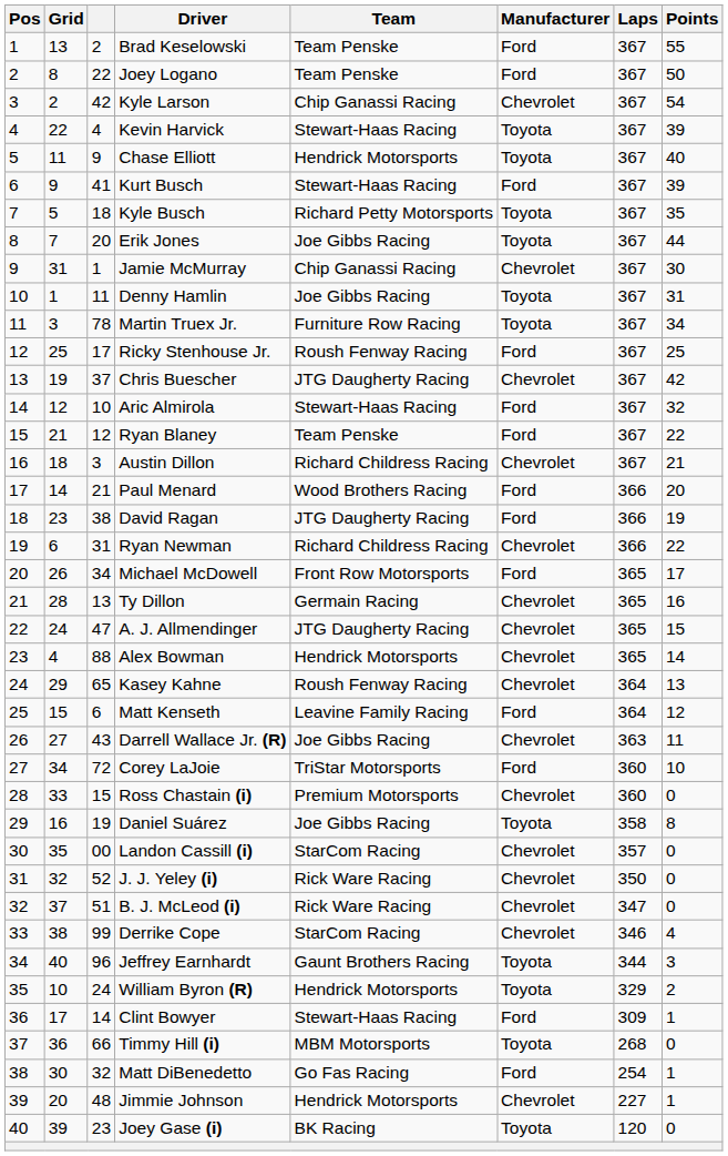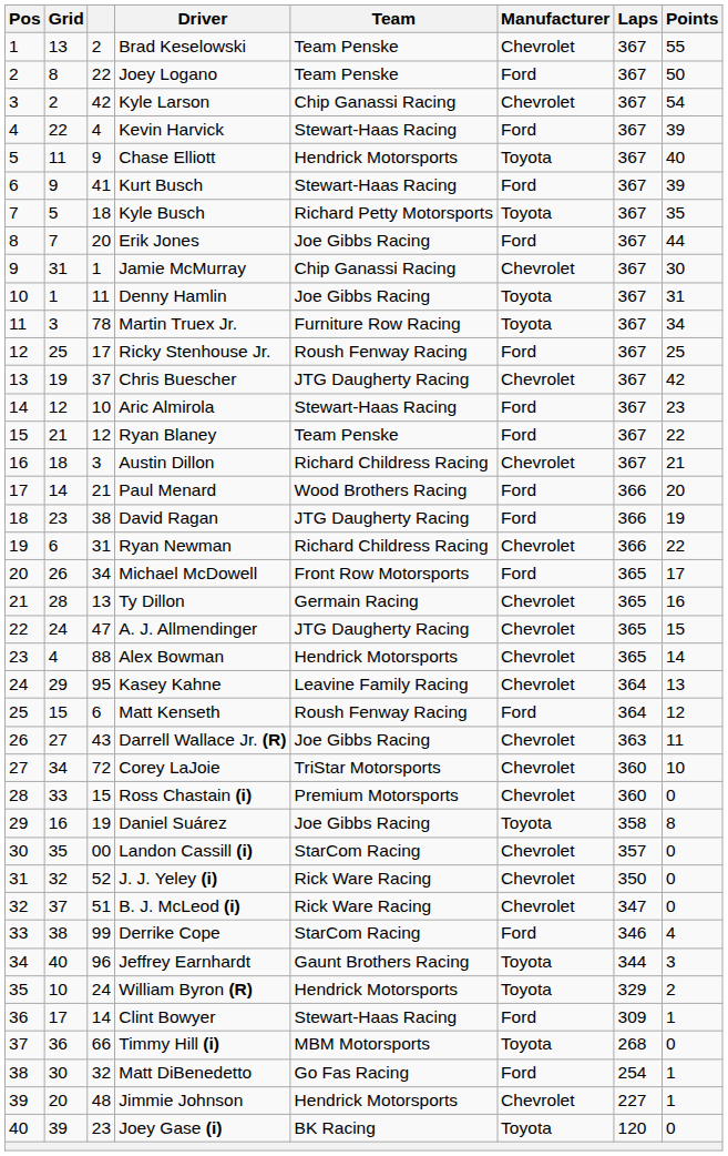 <table class="wikitable" style="font-size:98%">
 <tr>
 <th>Pos</th>
 <th>Grid</th>
 <th></th>
 <th>Driver</th>
 <th>Team</th>
 <th>Manufacturer</th>
 <th>Laps</th>
 <th>Points</th>
 </tr>
 <tr>
 <td>1</td>
 <td>13</td>
 <td>2</td>
 <td>Brad Keselowski</td>
 <td>Team Penske</td>
-<td>Ford</td>
+<td>Chevrolet</td>
 <td>367</td>
 <td>55</td>
 </tr>
 <tr>
 <td>2</td>
 <td>8</td>
 <td>22</td>
 <td>Joey Logano</td>
 <td>Team Penske</td>
 <td>Ford</td>
 <td>367</td>
 <td>50</td>
 </tr>
 <tr>
 <td>3</td>
 <td>2</td>
 <td>42</td>
 <td>Kyle Larson</td>
 <td>Chip Ganassi Racing</td>
 <td>Chevrolet</td>
 <td>367</td>
 <td>54</td>
 </tr>
 <tr>
 <td>4</td>
 <td>22</td>
 <td>4</td>
 <td>Kevin Harvick</td>
 <td>Stewart-Haas Racing</td>
-<td>Toyota</td>
+<td>Ford</td>
 <td>367</td>
 <td>39</td>
 </tr>
 <tr>
 <td>5</td>
 <td>11</td>
 <td>9</td>
 <td>Chase Elliott</td>
 <td>Hendrick Motorsports</td>
 <td>Toyota</td>
 <td>367</td>
 <td>40</td>
 </tr>
 <tr>
 <td>6</td>
 <td>9</td>
 <td>41</td>
 <td>Kurt Busch</td>
 <td>Stewart-Haas Racing</td>
 <td>Ford</td>
 <td>367</td>
 <td>39</td>
 </tr>
 <tr>
 <td>7</td>
 <td>5</td>
 <td>18</td>
 <td>Kyle Busch</td>
 <td>Richard Petty Motorsports</td>
 <td>Toyota</td>
 <td>367</td>
 <td>35</td>
 </tr>
 <tr>
 <td>8</td>
 <td>7</td>
 <td>20</td>
 <td>Erik Jones</td>
 <td>Joe Gibbs Racing</td>
-<td>Toyota</td>
+<td>Ford</td>
 <td>367</td>
 <td>44</td>
 </tr>
 <tr>
 <td>9</td>
 <td>31</td>
 <td>1</td>
 <td>Jamie McMurray</td>
 <td>Chip Ganassi Racing</td>
 <td>Chevrolet</td>
 <td>367</td>
 <td>30</td>
 </tr>
 <tr>
 <td>10</td>
 <td>1</td>
 <td>11</td>
 <td>Denny Hamlin</td>
 <td>Joe Gibbs Racing</td>
 <td>Toyota</td>
 <td>367</td>
 <td>31</td>
 </tr>
 <tr>
 <td>11</td>
 <td>3</td>
 <td>78</td>
 <td>Martin Truex Jr.</td>
 <td>Furniture Row Racing</td>
 <td>Toyota</td>
 <td>367</td>
 <td>34</td>
 </tr>
 <tr>
 <td>12</td>
 <td>25</td>
 <td>17</td>
 <td>Ricky Stenhouse Jr.</td>
 <td>Roush Fenway Racing</td>
 <td>Ford</td>
 <td>367</td>
 <td>25</td>
 </tr>
 <tr>
 <td>13</td>
 <td>19</td>
 <td>37</td>
 <td>Chris Buescher</td>
 <td>JTG Daugherty Racing</td>
 <td>Chevrolet</td>
 <td>367</td>
 <td>42</td>
 </tr>
 <tr>
 <td>14</td>
 <td>12</td>
 <td>10</td>
 <td>Aric Almirola</td>
 <td>Stewart-Haas Racing</td>
 <td>Ford</td>
 <td>367</td>
-<td>32</td>
+<td>23</td>
 </tr>
 <tr>
 <td>15</td>
 <td>21</td>
 <td>12</td>
 <td>Ryan Blaney</td>
 <td>Team Penske</td>
 <td>Ford</td>
 <td>367</td>
 <td>22</td>
 </tr>
 <tr>
 <td>16</td>
 <td>18</td>
 <td>3</td>
 <td>Austin Dillon</td>
 <td>Richard Childress Racing</td>
 <td>Chevrolet</td>
 <td>367</td>
 <td>21</td>
 </tr>
 <tr>
 <td>17</td>
 <td>14</td>
 <td>21</td>
 <td>Paul Menard</td>
 <td>Wood Brothers Racing</td>
 <td>Ford</td>
 <td>366</td>
 <td>20</td>
 </tr>
 <tr>
 <td>18</td>
 <td>23</td>
 <td>38</td>
 <td>David Ragan</td>
 <td>JTG Daugherty Racing</td>
 <td>Ford</td>
 <td>366</td>
 <td>19</td>
 </tr>
 <tr>
 <td>19</td>
 <td>6</td>
 <td>31</td>
 <td>Ryan Newman</td>
 <td>Richard Childress Racing</td>
 <td>Chevrolet</td>
 <td>366</td>
 <td>22</td>
 </tr>
 <tr>
 <td>20</td>
 <td>26</td>
 <td>34</td>
 <td>Michael McDowell</td>
 <td>Front Row Motorsports</td>
 <td>Ford</td>
 <td>365</td>
 <td>17</td>
 </tr>
 <tr>
 <td>21</td>
 <td>28</td>
 <td>13</td>
 <td>Ty Dillon</td>
 <td>Germain Racing</td>
 <td>Chevrolet</td>
 <td>365</td>
 <td>16</td>
 </tr>
 <tr>
 <td>22</td>
 <td>24</td>
 <td>47</td>
 <td>A. J. Allmendinger</td>
 <td>JTG Daugherty Racing</td>
 <td>Chevrolet</td>
 <td>365</td>
 <td>15</td>
 </tr>
 <tr>
 <td>23</td>
 <td>4</td>
 <td>88</td>
 <td>Alex Bowman</td>
 <td>Hendrick Motorsports</td>
 <td>Chevrolet</td>
 <td>365</td>
 <td>14</td>
 </tr>
 <tr>
 <td>24</td>
 <td>29</td>
-<td>65</td>
+<td>95</td>
 <td>Kasey Kahne</td>
-<td>Roush Fenway Racing</td>
+<td>Leavine Family Racing</td>
 <td>Chevrolet</td>
 <td>364</td>
 <td>13</td>
 </tr>
 <tr>
 <td>25</td>
 <td>15</td>
 <td>6</td>
 <td>Matt Kenseth</td>
-<td>Leavine Family Racing</td>
+<td>Roush Fenway Racing</td>
 <td>Ford</td>
 <td>364</td>
 <td>12</td>
 </tr>
 <tr>
 <td>26</td>
 <td>27</td>
 <td>43</td>
 <td>Darrell Wallace Jr. <strong>(R)</strong></td>
 <td>Joe Gibbs Racing</td>
 <td>Chevrolet</td>
 <td>363</td>
 <td>11</td>
 </tr>
 <tr>
 <td>27</td>
 <td>34</td>
 <td>72</td>
 <td>Corey LaJoie</td>
 <td>TriStar Motorsports</td>
-<td>Ford</td>
+<td>Chevrolet</td>
 <td>360</td>
 <td>10</td>
 </tr>
 <tr>
 <td>28</td>
 <td>33</td>
 <td>15</td>
 <td>Ross Chastain <strong>(i)</strong></td>
 <td>Premium Motorsports</td>
 <td>Chevrolet</td>
 <td>360</td>
 <td>0</td>
 </tr>
 <tr>
 <td>29</td>
 <td>16</td>
 <td>19</td>
 <td>Daniel Suárez</td>
 <td>Joe Gibbs Racing</td>
 <td>Toyota</td>
 <td>358</td>
 <td>8</td>
 </tr>
 <tr>
 <td>30</td>
 <td>35</td>
 <td>00</td>
 <td>Landon Cassill <strong>(i)</strong></td>
 <td>StarCom Racing</td>
 <td>Chevrolet</td>
 <td>357</td>
 <td>0</td>
 </tr>
 <tr>
 <td>31</td>
 <td>32</td>
 <td>52</td>
 <td>J. J. Yeley <strong>(i)</strong></td>
 <td>Rick Ware Racing</td>
 <td>Chevrolet</td>
 <td>350</td>
 <td>0</td>
 </tr>
 <tr>
 <td>32</td>
 <td>37</td>
 <td>51</td>
 <td>B. J. McLeod <strong>(i)</strong></td>
 <td>Rick Ware Racing</td>
 <td>Chevrolet</td>
 <td>347</td>
 <td>0</td>
 </tr>
 <tr>
 <td>33</td>
 <td>38</td>
 <td>99</td>
 <td>Derrike Cope</td>
 <td>StarCom Racing</td>
-<td>Chevrolet</td>
+<td>Ford</td>
 <td>346</td>
 <td>4</td>
 </tr>
 <tr>
 <td>34</td>
 <td>40</td>
 <td>96</td>
 <td>Jeffrey Earnhardt</td>
 <td>Gaunt Brothers Racing</td>
 <td>Toyota</td>
 <td>344</td>
 <td>3</td>
 </tr>
 <tr>
 <td>35</td>
 <td>10</td>
 <td>24</td>
 <td>William Byron <strong>(R)</strong></td>
 <td>Hendrick Motorsports</td>
 <td>Toyota</td>
 <td>329</td>
 <td>2</td>
 </tr>
 <tr>
 <td>36</td>
 <td>17</td>
 <td>14</td>
 <td>Clint Bowyer</td>
 <td>Stewart-Haas Racing</td>
 <td>Ford</td>
 <td>309</td>
 <td>1</td>
 </tr>
 <tr>
 <td>37</td>
 <td>36</td>
 <td>66</td>
 <td>Timmy Hill <strong>(i)</strong></td>
 <td>MBM Motorsports</td>
 <td>Toyota</td>
 <td>268</td>
 <td>0</td>
 </tr>
 <tr>
 <td>38</td>
 <td>30</td>
 <td>32</td>
 <td>Matt DiBenedetto</td>
 <td>Go Fas Racing</td>
 <td>Ford</td>
 <td>254</td>
 <td>1</td>
 </tr>
 <tr>
 <td>39</td>
 <td>20</td>
 <td>48</td>
 <td>Jimmie Johnson</td>
 <td>Hendrick Motorsports</td>
 <td>Chevrolet</td>
 <td>227</td>
 <td>1</td>
 </tr>
 <tr>
 <td>40</td>
 <td>39</td>
 <td>23</td>
 <td>Joey Gase <strong>(i)</strong></td>
 <td>BK Racing</td>
 <td>Toyota</td>
 <td>120</td>
 <td>0</td>
 </tr>
 <tr>
 <th colspan="8"></th>
 </tr>
 </table>
